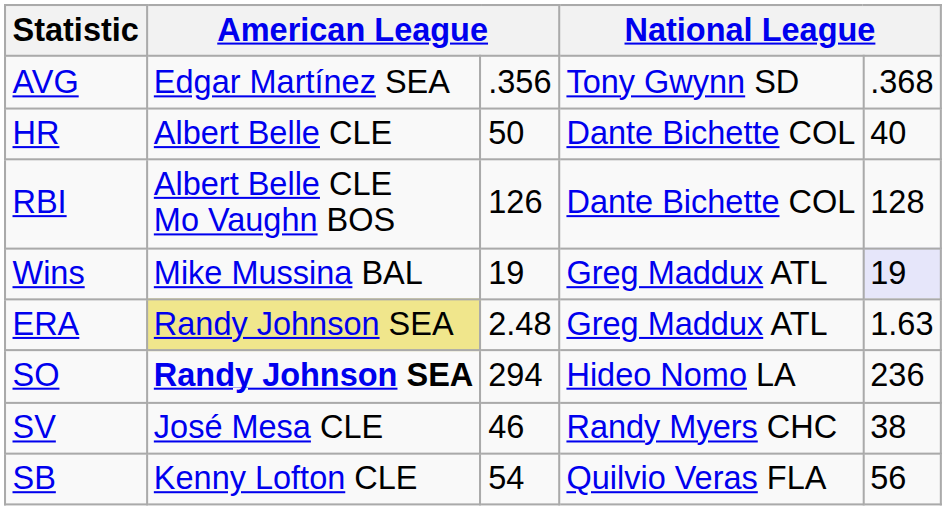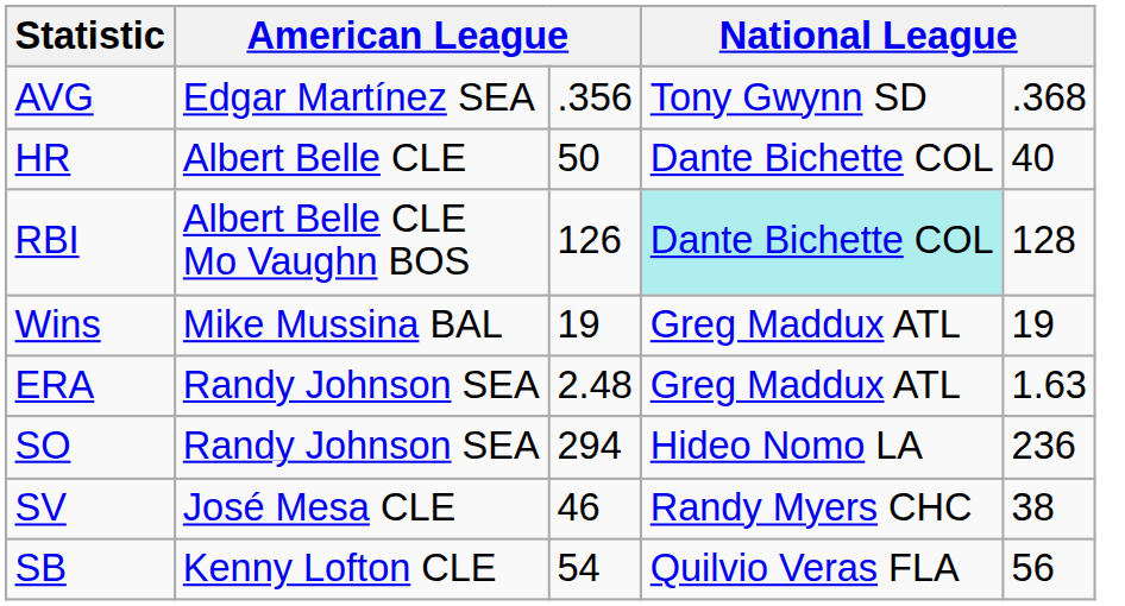 <table class="wikitable">
 <tr>
 <th>Statistic</th>
 <th colspan=2><a href='#'>American League</a></th>
 <th colspan=2><a href='#'>National League</a></th>
 </tr>
 <tr>
 <td><a href='#'>AVG</a></td>
 <td><a href='#'>Edgar Martínez</a> SEA</td>
 <td>.356</td>
 <td><a href='#'>Tony Gwynn</a> SD</td>
 <td>.368</td>
 </tr>
 <tr>
 <td><a href='#'>HR</a></td>
 <td><a href='#'>Albert Belle</a> CLE</td>
 <td>50</td>
 <td><a href='#'>Dante Bichette</a> COL</td>
 <td>40</td>
 </tr>
 <tr>
 <td><a href='#'>RBI</a></td>
 <td><a href='#'>Albert Belle</a> CLE<br><a href='#'>Mo Vaughn</a> BOS</td>
 <td>126</td>
-<td><a href='#'>Dante Bichette</a> COL</td>
+<td style="background: paleturquoise;"><a href='#'>Dante Bichette</a> COL</td>
 <td>128</td>
 </tr>
 <tr>
 <td><a href='#'>Wins</a></td>
 <td><a href='#'>Mike Mussina</a> BAL</td>
 <td>19</td>
 <td><a href='#'>Greg Maddux</a> ATL</td>
-<td style="background: lavender;">19</td>
+<td>19</td>
 </tr>
 <tr>
 <td><a href='#'>ERA</a></td>
-<td style="background: khaki;"><a href='#'>Randy Johnson</a> SEA</td>
+<td><a href='#'>Randy Johnson</a> SEA</td>
 <td>2.48</td>
 <td><a href='#'>Greg Maddux</a> ATL</td>
 <td>1.63</td>
 </tr>
 <tr>
 <td><a href='#'>SO</a></td>
-<td><strong><a href='#'>Randy Johnson</a> SEA</strong></td>
+<td><a href='#'>Randy Johnson</a> SEA</td>
 <td>294</td>
 <td><a href='#'>Hideo Nomo</a> LA</td>
 <td>236</td>
 </tr>
 <tr>
 <td><a href='#'>SV</a></td>
 <td><a href='#'>José Mesa</a> CLE</td>
 <td>46</td>
 <td><a href='#'>Randy Myers</a> CHC</td>
 <td>38</td>
 </tr>
 <tr>
 <td><a href='#'>SB</a></td>
 <td><a href='#'>Kenny Lofton</a> CLE</td>
 <td>54</td>
 <td><a href='#'>Quilvio Veras</a> FLA</td>
 <td>56</td>
 </tr>
 </table>
